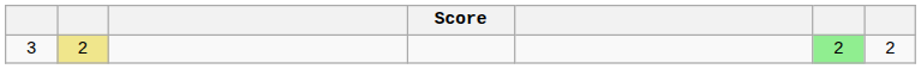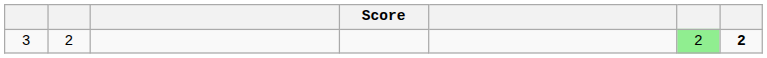 <table class="wikitable" style="text-align: center; font-size:90%" |>
 <tr>
 <th width="35"></th>
 <th width="35"></th>
 <th width="250"></th>
 <th width="75">Score</th>
 <th width="250"></th>
 <th width="35"></th>
 <th width="35"></th>
 </tr>
 <tr>
 <td>3</td>
-<td style="background: khaki;">2</td>
+<td>2</td>
 <td style="text-align:left;"></td>
 <td></td>
 <td style="text-align:left;"></td>
 <td style="background: lightgreen;">2</td>
-<td>2</td>
+<td><strong>2</strong></td>
 </tr>
 </table>
